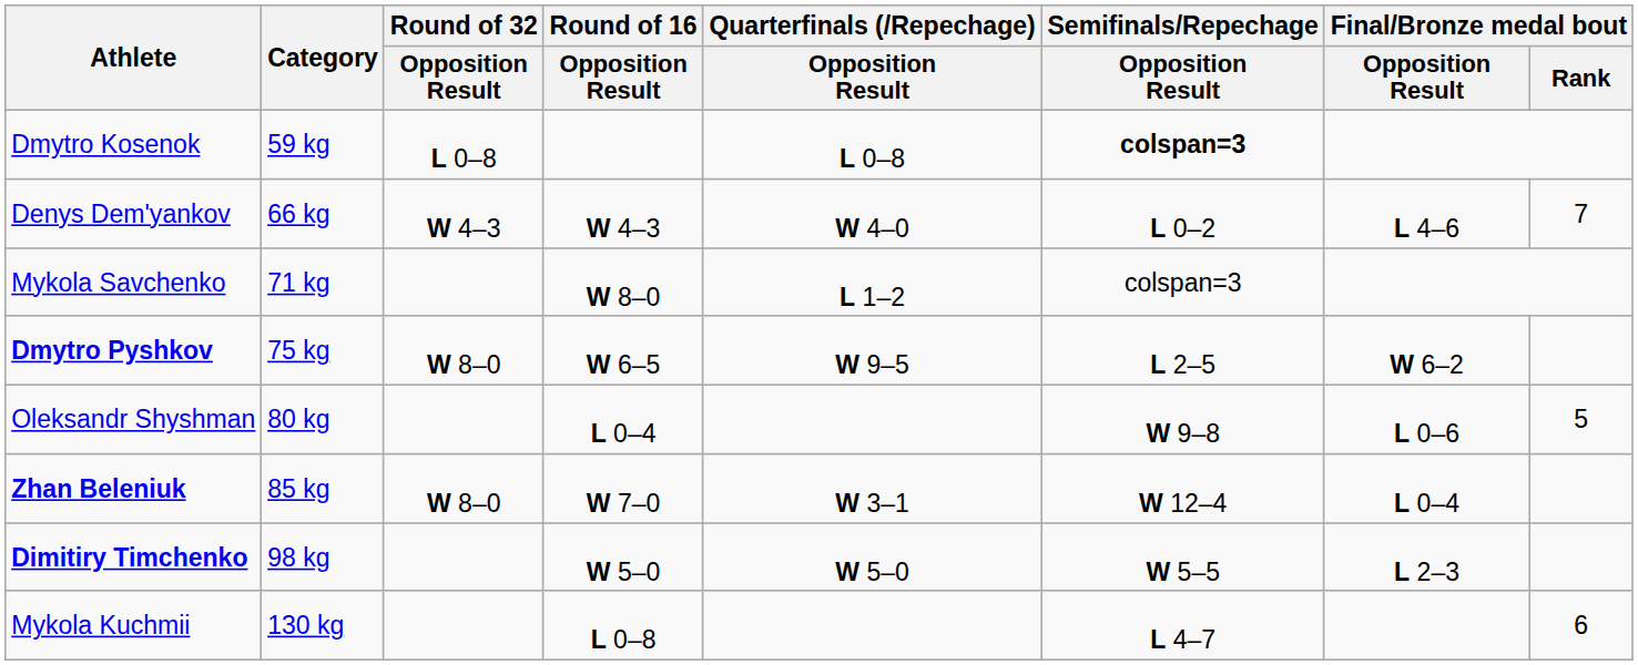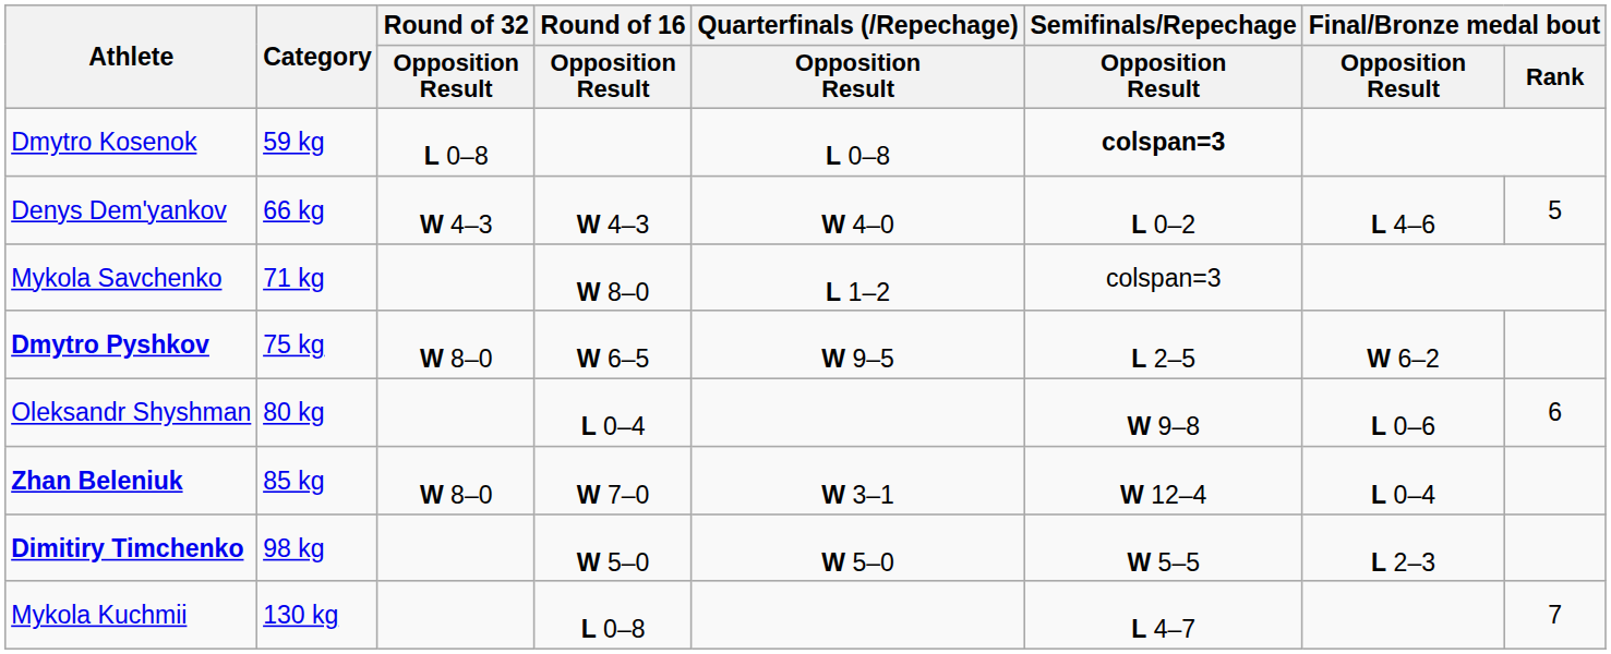 <table class="wikitable" style="text-align:center; font-size:90%">
 <tr>
 <th rowspan=2>Athlete</th>
 <th rowspan=2>Category</th>
 <th>Round of 32</th>
 <th>Round of 16</th>
 <th>Quarterfinals (/Repechage)</th>
 <th>Semifinals/Repechage</th>
 <th colspan=2>Final/Bronze medal bout</th>
 </tr>
 <tr style="font-size:95%">
 <th>Opposition<br>Result</th>
 <th>Opposition<br>Result</th>
 <th>Opposition<br>Result</th>
 <th>Opposition<br>Result</th>
 <th>Opposition<br>Result</th>
 <th>Rank</th>
 </tr>
 <tr>
 <td align=left><a href='#'>Dmytro Kosenok</a></td>
 <td align=left><a href='#'>59 kg</a></td>
 <td><br> <strong>L</strong> 0–8</td>
 <td></td>
 <td><br> <strong>L</strong> 0–8</td>
 <td><strong>colspan=3 </strong></td>
 </tr>
 <tr>
 <td align=left><a href='#'>Denys Dem'yankov</a></td>
 <td align=left><a href='#'>66 kg</a></td>
 <td><br> <strong>W</strong> 4–3</td>
 <td><br> <strong>W</strong> 4–3</td>
 <td><br> <strong>W</strong> 4–0</td>
 <td><br> <strong>L</strong> 0–2</td>
 <td><br> <strong>L</strong> 4–6</td>
-<td>7</td>
+<td>5</td>
 </tr>
 <tr>
 <td align=left><a href='#'>Mykola Savchenko</a></td>
 <td align=left><a href='#'>71 kg</a></td>
 <td></td>
 <td><br> <strong>W</strong> 8–0</td>
 <td><br> <strong>L</strong> 1–2</td>
 <td>colspan=3 </td>
 </tr>
 <tr>
 <td align=left><strong><a href='#'>Dmytro Pyshkov</a></strong></td>
 <td align=left><a href='#'>75 kg</a></td>
 <td><br> <strong>W</strong> 8–0</td>
 <td><br> <strong>W</strong> 6–5</td>
 <td><br> <strong>W</strong> 9–5</td>
 <td><br> <strong>L</strong> 2–5</td>
 <td><br> <strong>W</strong> 6–2</td>
 <td></td>
 </tr>
 <tr>
 <td align=left><a href='#'>Oleksandr Shyshman</a></td>
 <td align=left><a href='#'>80 kg</a></td>
 <td></td>
 <td><br> <strong>L</strong> 0–4</td>
 <td></td>
 <td><br> <strong>W</strong> 9–8</td>
 <td><br> <strong>L</strong> 0–6</td>
-<td>5</td>
+<td>6</td>
 </tr>
 <tr>
 <td align=left><strong><a href='#'>Zhan Beleniuk</a></strong></td>
 <td align=left><a href='#'>85 kg</a></td>
 <td><br> <strong>W</strong> 8–0</td>
 <td><br> <strong>W</strong> 7–0</td>
 <td><br> <strong>W</strong> 3–1</td>
 <td><br> <strong>W</strong> 12–4</td>
 <td><br> <strong>L</strong> 0–4</td>
 <td></td>
 </tr>
 <tr>
 <td align=left><strong><a href='#'>Dimitiry Timchenko</a></strong></td>
 <td align=left><a href='#'>98 kg</a></td>
 <td></td>
 <td><br> <strong>W</strong> 5–0</td>
 <td><br> <strong>W</strong> 5–0</td>
 <td><br> <strong>W</strong> 5–5</td>
 <td><br> <strong>L</strong> 2–3</td>
 <td></td>
 </tr>
 <tr>
 <td align=left><a href='#'>Mykola Kuchmii</a></td>
 <td align=left><a href='#'>130 kg</a></td>
 <td></td>
 <td><br> <strong>L</strong> 0–8</td>
 <td></td>
 <td><br> <strong>L</strong> 4–7</td>
 <td></td>
-<td>6</td>
+<td>7</td>
 </tr>
 </table>
